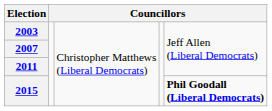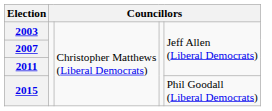 <table class="wikitable">
 <tr>
 <th>Election</th>
 <th colspan="4">Councillors</th>
 </tr>
 <tr>
 <th><a href='#'>2003</a></th>
 <td rowspan="4" style="background-color: "></td>
 <td rowspan="4">Christopher Matthews<br>(<a href='#'>Liberal Democrats</a>)</td>
 <td rowspan="4" style="background-color: "></td>
 <td rowspan="3">Jeff Allen<br>(<a href='#'>Liberal Democrats</a>)</td>
 </tr>
 <tr>
 <th><a href='#'>2007</a></th>
 </tr>
 <tr>
 <th><a href='#'>2011</a></th>
 </tr>
 <tr>
 <th><a href='#'>2015</a></th>
-<td><strong>Phil Goodall<br>(<a href='#'>Liberal Democrats</a>)</strong></td>
+<td>Phil Goodall<br>(<a href='#'>Liberal Democrats</a>)</td>
 </tr>
 </table>
